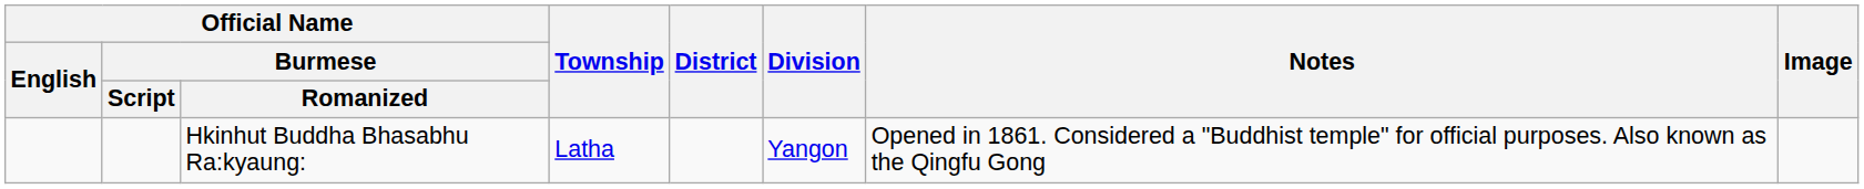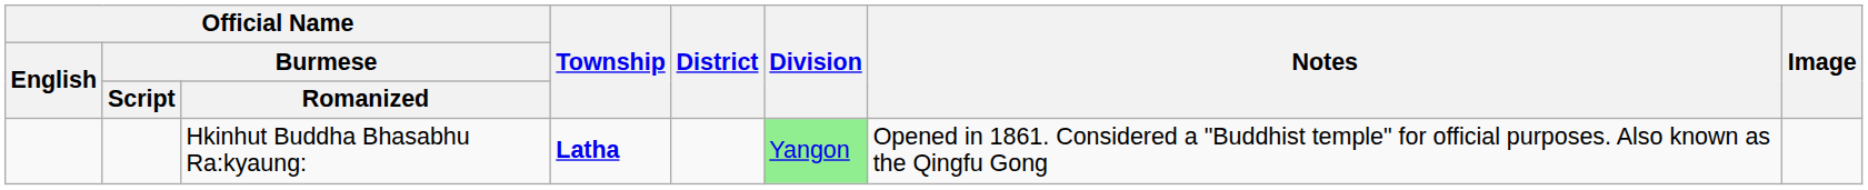 <table class="wikitable sortable">
 <tr>
 <th colspan=3>Official Name</th>
 <th rowspan=3><a href='#'>Township</a></th>
 <th rowspan=3><a href='#'>District</a></th>
 <th rowspan=3><a href='#'>Division</a></th>
 <th rowspan=3>Notes</th>
 <th rowspan=3>Image</th>
 </tr>
 <tr>
 <th rowspan=2>English</th>
 <th colspan=2>Burmese</th>
 </tr>
 <tr>
 <th>Script</th>
 <th>Romanized</th>
 </tr>
 <tr>
 <td></td>
 <td></td>
 <td>Hkinhut Buddha Bhasabhu Ra:kyaung:</td>
-<td><a href='#'>Latha</a></td>
+<td><strong><a href='#'>Latha</a></strong></td>
 <td></td>
-<td><a href='#'>Yangon</a></td>
+<td style="background: lightgreen;"><a href='#'>Yangon</a></td>
 <td>Opened in 1861. Considered a "Buddhist temple" for official purposes. Also known as the Qingfu Gong</td>
 <td></td>
 </tr>
 </table>
